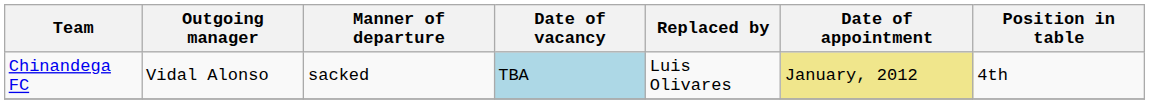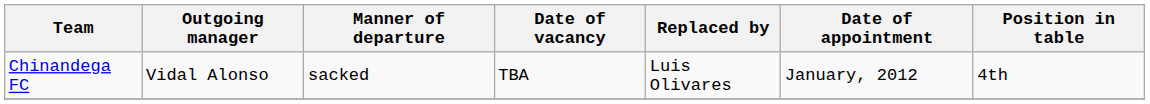 <table class="wikitable">
 <tr>
 <th>Team</th>
 <th>Outgoing manager</th>
 <th>Manner of departure</th>
 <th>Date of vacancy</th>
 <th>Replaced by</th>
 <th>Date of appointment</th>
 <th>Position in table</th>
 </tr>
 <tr>
 <td><a href='#'>Chinandega FC</a></td>
 <td> Vidal Alonso</td>
 <td>sacked</td>
-<td style="background: lightblue;">TBA</td>
+<td>TBA</td>
 <td> Luis Olivares</td>
-<td style="background: khaki;">January, 2012</td>
+<td>January, 2012</td>
 <td>4th</td>
 </tr>
 <tr>
 </tr>
 </table>
